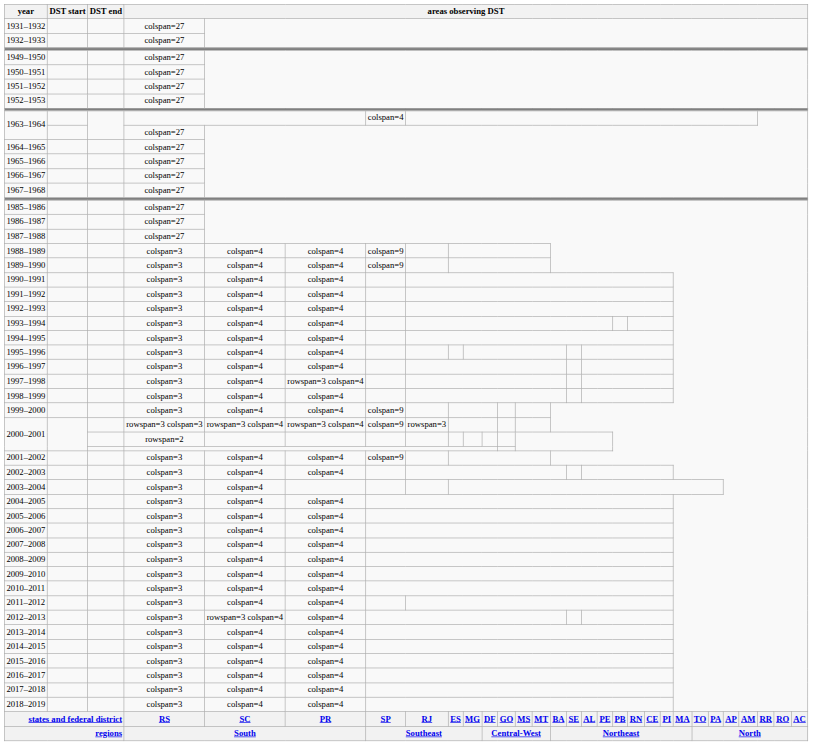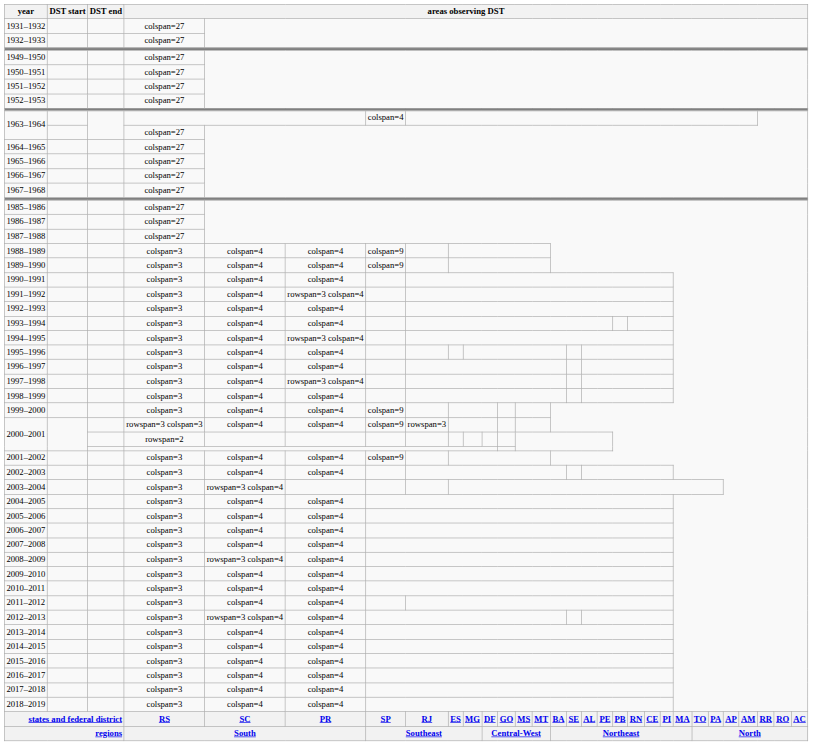 <table class="wikitable sortable" style="font-size:smaller; text-align:center">
 <tr>
 <th>year</th>
 <th>DST start</th>
 <th>DST end</th>
 <th class=unsortable colspan=27>areas observing DST</th>
 </tr>
 <tr>
 <td>1931–1932</td>
 <td></td>
 <td></td>
 <td>colspan=27 </td>
 </tr>
 <tr>
 <td>1932–1933</td>
 <td></td>
 <td></td>
 <td>colspan=27 </td>
 </tr>
 <tr>
 <td colspan=30 style="font-size:50%; background:gray"></td>
 </tr>
 <tr>
 <td>1949–1950</td>
 <td></td>
 <td></td>
 <td>colspan=27 </td>
 </tr>
 <tr>
 <td>1950–1951</td>
 <td></td>
 <td></td>
 <td>colspan=27 </td>
 </tr>
 <tr>
 <td>1951–1952</td>
 <td></td>
 <td></td>
 <td>colspan=27 </td>
 </tr>
 <tr>
 <td>1952–1953</td>
 <td></td>
 <td></td>
 <td>colspan=27 </td>
 </tr>
 <tr>
 <td colspan=30 style="font-size:50%; background:gray"></td>
 </tr>
 <tr>
 <td rowspan=2>1963–1964</td>
 <td></td>
 <td rowspan=2></td>
 <td colspan=3></td>
 <td>colspan=4  </td>
 <td colspan=20></td>
 </tr>
 <tr>
 <td></td>
 <td>colspan=27 </td>
 </tr>
 <tr>
 <td>1964–1965</td>
 <td></td>
 <td></td>
 <td>colspan=27 </td>
 </tr>
 <tr>
 <td>1965–1966</td>
 <td></td>
 <td></td>
 <td>colspan=27 </td>
 </tr>
 <tr>
 <td>1966–1967</td>
 <td></td>
 <td></td>
 <td>colspan=27 </td>
 </tr>
 <tr>
 <td>1967–1968</td>
 <td></td>
 <td></td>
 <td>colspan=27 </td>
 </tr>
 <tr>
 <td colspan=30 style="font-size:50%; background:gray"></td>
 </tr>
 <tr>
 <td>1985–1986</td>
 <td></td>
 <td></td>
 <td>colspan=27 </td>
 </tr>
 <tr>
 <td>1986–1987</td>
 <td></td>
 <td></td>
 <td>colspan=27 </td>
 </tr>
 <tr>
 <td>1987–1988</td>
 <td></td>
 <td></td>
 <td>colspan=27 </td>
 </tr>
 <tr>
 <td>1988–1989</td>
 <td></td>
 <td></td>
 <td>colspan=3 </td>
 <td>colspan=4 </td>
 <td>colspan=4 </td>
 <td>colspan=9 </td>
 <td></td>
 <td colspan=6></td>
 </tr>
 <tr>
 <td>1989–1990</td>
 <td></td>
 <td></td>
 <td>colspan=3 </td>
 <td>colspan=4 </td>
 <td>colspan=4 </td>
 <td>colspan=9 </td>
 <td></td>
 <td colspan=6></td>
 </tr>
 <tr>
 <td>1990–1991</td>
 <td></td>
 <td></td>
 <td>colspan=3 </td>
 <td>colspan=4 </td>
 <td>colspan=4 </td>
 <td></td>
 <td colspan=15></td>
 </tr>
 <tr>
 <td>1991–1992</td>
 <td></td>
 <td></td>
 <td>colspan=3 </td>
 <td>colspan=4 </td>
-<td>colspan=4 </td>
+<td>rowspan=3 colspan=4 </td>
 <td></td>
 <td colspan=15></td>
 </tr>
 <tr>
 <td>1992–1993</td>
 <td></td>
 <td></td>
 <td>colspan=3 </td>
 <td>colspan=4 </td>
 <td>colspan=4 </td>
 <td></td>
 <td colspan=15></td>
 </tr>
 <tr>
 <td>1993–1994</td>
 <td></td>
 <td></td>
 <td>colspan=3 </td>
 <td>colspan=4 </td>
 <td>colspan=4 </td>
 <td></td>
 <td colspan=11></td>
 <td></td>
 <td colspan=3></td>
 </tr>
 <tr>
 <td>1994–1995</td>
 <td></td>
 <td></td>
 <td>colspan=3 </td>
 <td>colspan=4 </td>
-<td>colspan=4 </td>
+<td>rowspan=3 colspan=4 </td>
 <td></td>
 <td colspan=15></td>
 </tr>
 <tr>
 <td>1995–1996</td>
 <td></td>
 <td></td>
 <td>colspan=3 </td>
 <td>colspan=4 </td>
 <td>colspan=4 </td>
 <td></td>
 <td></td>
 <td></td>
 <td colspan=6></td>
 <td></td>
 <td colspan=6></td>
 </tr>
 <tr>
 <td>1996–1997</td>
 <td></td>
 <td></td>
 <td>colspan=3 </td>
 <td>colspan=4 </td>
 <td>colspan=4 </td>
 <td></td>
 <td colspan=8></td>
 <td></td>
 <td colspan=6></td>
 </tr>
 <tr>
 <td>1997–1998</td>
 <td></td>
 <td></td>
 <td>colspan=3 </td>
 <td>colspan=4 </td>
 <td>rowspan=3 colspan=4 </td>
 <td></td>
 <td colspan=8></td>
 <td></td>
 <td colspan=6></td>
 </tr>
 <tr>
 <td>1998–1999</td>
 <td></td>
 <td></td>
 <td>colspan=3 </td>
 <td>colspan=4 </td>
 <td>colspan=4 </td>
 <td></td>
 <td colspan=8></td>
 <td></td>
 <td colspan=6></td>
 </tr>
 <tr>
 <td>1999–2000</td>
 <td></td>
 <td></td>
 <td>colspan=3 </td>
 <td>colspan=4 </td>
 <td>colspan=4 </td>
 <td>colspan=9 </td>
 <td></td>
 <td colspan=3></td>
 <td></td>
 <td colspan=2></td>
 </tr>
 <tr>
 <td rowspan=3>2000–2001</td>
 <td rowspan=3></td>
 <td></td>
 <td>rowspan=3 colspan=3 </td>
-<td>rowspan=3 colspan=4 </td>
-<td>rowspan=3 colspan=4 </td>
+<td>colspan=4 </td>
+<td>colspan=4 </td>
 <td>colspan=9 </td>
 <td>rowspan=3 </td>
 <td colspan=3></td>
 <td></td>
 <td colspan=2></td>
 </tr>
 <tr>
 <td></td>
 <td>rowspan=2 </td>
 <td></td>
 <td></td>
 <td></td>
 <td></td>
 <td></td>
 <td></td>
 <td></td>
 <td></td>
 <td rowspan=2 colspan=6></td>
 </tr>
 <tr>
 <td></td>
 <td colspan=8></td>
 </tr>
 <tr>
 <td>2001–2002</td>
 <td></td>
 <td></td>
 <td>colspan=3 </td>
 <td>colspan=4 </td>
 <td>colspan=4 </td>
 <td>colspan=9 </td>
 <td></td>
 <td colspan=6></td>
 </tr>
 <tr>
 <td>2002–2003</td>
 <td></td>
 <td></td>
 <td>colspan=3 </td>
 <td>colspan=4 </td>
 <td>colspan=4 </td>
 <td></td>
 <td colspan=8></td>
 <td></td>
 <td colspan=6></td>
 </tr>
 <tr>
 <td>2003–2004</td>
 <td></td>
 <td></td>
 <td>colspan=3 </td>
-<td>colspan=4 </td>
+<td>rowspan=3 colspan=4 </td>
 <td></td>
 <td></td>
 <td></td>
 <td colspan=17></td>
 </tr>
 <tr>
 <td>2004–2005</td>
 <td></td>
 <td></td>
 <td>colspan=3 </td>
 <td>colspan=4 </td>
 <td>colspan=4 </td>
 <td colspan=16></td>
 </tr>
 <tr>
 <td>2005–2006</td>
 <td></td>
 <td></td>
 <td>colspan=3 </td>
 <td>colspan=4 </td>
 <td>colspan=4 </td>
 <td colspan=16></td>
 </tr>
 <tr>
 <td>2006–2007</td>
 <td></td>
 <td></td>
 <td>colspan=3 </td>
 <td>colspan=4 </td>
 <td>colspan=4 </td>
 <td colspan=16></td>
 </tr>
 <tr>
 <td>2007–2008</td>
 <td></td>
 <td></td>
 <td>colspan=3 </td>
 <td>colspan=4 </td>
 <td>colspan=4 </td>
 <td colspan=16></td>
 </tr>
 <tr>
 <td>2008–2009</td>
 <td></td>
 <td></td>
 <td>colspan=3 </td>
-<td>colspan=4 </td>
+<td>rowspan=3 colspan=4 </td>
 <td>colspan=4 </td>
 <td colspan=16></td>
 </tr>
 <tr>
 <td>2009–2010</td>
 <td></td>
 <td></td>
 <td>colspan=3 </td>
 <td>colspan=4 </td>
 <td>colspan=4 </td>
 <td colspan=16></td>
 </tr>
 <tr>
 <td>2010–2011</td>
 <td></td>
 <td></td>
 <td>colspan=3 </td>
 <td>colspan=4 </td>
 <td>colspan=4 </td>
 <td colspan=16></td>
 </tr>
 <tr>
 <td>2011–2012</td>
 <td></td>
 <td></td>
 <td>colspan=3 </td>
 <td>colspan=4 </td>
 <td>colspan=4 </td>
 <td></td>
 <td colspan=15></td>
 </tr>
 <tr>
 <td>2012–2013</td>
 <td></td>
 <td></td>
 <td>colspan=3 </td>
 <td>rowspan=3 colspan=4 </td>
 <td>colspan=4 </td>
 <td colspan=9></td>
 <td></td>
 <td colspan=6></td>
 </tr>
 <tr>
 <td>2013–2014</td>
 <td></td>
 <td></td>
 <td>colspan=3 </td>
 <td>colspan=4 </td>
 <td>colspan=4 </td>
 <td colspan=16></td>
 </tr>
 <tr>
 <td>2014–2015</td>
 <td></td>
 <td></td>
 <td>colspan=3 </td>
 <td>colspan=4 </td>
 <td>colspan=4 </td>
 <td colspan=16></td>
 </tr>
 <tr>
 <td>2015–2016</td>
 <td></td>
 <td></td>
 <td>colspan=3 </td>
 <td>colspan=4 </td>
 <td>colspan=4 </td>
 <td colspan=16></td>
 </tr>
 <tr>
 <td>2016–2017</td>
 <td></td>
 <td></td>
 <td>colspan=3 </td>
 <td>colspan=4 </td>
 <td>colspan=4 </td>
 <td colspan=16></td>
 </tr>
 <tr>
 <td>2017–2018</td>
 <td></td>
 <td></td>
 <td>colspan=3 </td>
 <td>colspan=4 </td>
 <td>colspan=4 </td>
 <td colspan=16></td>
 </tr>
 <tr>
 <td>2018–2019</td>
 <td></td>
 <td></td>
 <td>colspan=3 </td>
 <td>colspan=4 </td>
 <td>colspan=4 </td>
 <td colspan=16></td>
 </tr>
 <tr>
 <th colspan=3 style="text-align:right"><a href='#'>states and federal district</a></th>
 <th><a href='#'>RS</a></th>
 <th><a href='#'>SC</a></th>
 <th><a href='#'>PR</a></th>
 <th><a href='#'>SP</a></th>
 <th><a href='#'>RJ</a></th>
 <th><a href='#'>ES</a></th>
 <th><a href='#'>MG</a></th>
 <th><a href='#'>DF</a></th>
 <th><a href='#'>GO</a></th>
 <th><a href='#'>MS</a></th>
 <th><a href='#'>MT</a></th>
 <th><a href='#'>BA</a></th>
 <th><a href='#'>SE</a></th>
 <th><a href='#'>AL</a></th>
 <th><a href='#'>PE</a></th>
 <th><a href='#'>PB</a></th>
 <th><a href='#'>RN</a></th>
 <th><a href='#'>CE</a></th>
 <th><a href='#'>PI</a></th>
 <th><a href='#'>MA</a></th>
 <th><a href='#'>TO</a></th>
 <th><a href='#'>PA</a></th>
 <th><a href='#'>AP</a></th>
 <th><a href='#'>AM</a></th>
 <th><a href='#'>RR</a></th>
 <th><a href='#'>RO</a></th>
 <th><a href='#'>AC</a></th>
 </tr>
 <tr>
 <th colspan=3 style="text-align:right"><a href='#'>regions</a></th>
 <th colspan=3><a href='#'>South</a></th>
 <th colspan=4><a href='#'>Southeast</a></th>
 <th colspan=4><a href='#'>Central-West</a></th>
 <th colspan=9><a href='#'>Northeast</a></th>
 <th colspan=7><a href='#'>North</a></th>
 </tr>
 </table>
